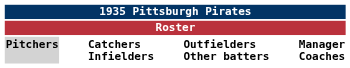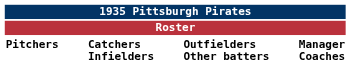 <table class="toccolours" style="font-size: 95%;">
 <tr>
 <th colspan="10" style="background-color: #023465; color: white; text-align: center;">1935 Pittsburgh Pirates</th>
 </tr>
 <tr>
 <td colspan="10" style="background-color: #ba313c; color: white; text-align: center;"><strong>Roster</strong></td>
 </tr>
 <tr>
-<td valign="top" style="background: lightgrey;"><strong>Pitchers</strong><br>           </td>
+<td valign="top"><strong>Pitchers</strong><br>           </td>
 <td width="25px"></td>
 <td valign="top"><strong>Catchers</strong><br>   <strong>Infielders</strong>        </td>
 <td width="25px"></td>
 <td valign="top"><strong>Outfielders</strong><br>     <strong>Other batters</strong> </td>
 <td width="25px"></td>
 <td valign="top"><strong>Manager</strong><br> <strong>Coaches</strong>  </td>
 </tr>
 </table>
